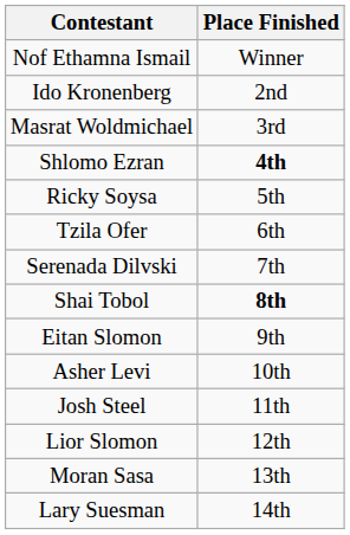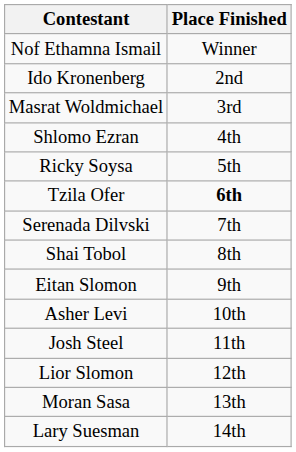 <table class="wikitable" style="text-align:center">
 <tr>
 <th>Contestant</th>
 <th>Place Finished</th>
 </tr>
 <tr>
 <td>Nof Ethamna Ismail</td>
 <td>Winner</td>
 </tr>
 <tr>
 <td>Ido Kronenberg</td>
 <td>2nd</td>
 </tr>
 <tr>
 <td>Masrat Woldmichael</td>
 <td>3rd</td>
 </tr>
 <tr>
 <td>Shlomo Ezran</td>
-<td><strong>4th</strong></td>
+<td>4th</td>
 </tr>
 <tr>
 <td>Ricky Soysa</td>
 <td>5th</td>
 </tr>
 <tr>
 <td>Tzila Ofer</td>
-<td>6th</td>
+<td><strong>6th</strong></td>
 </tr>
 <tr>
 <td>Serenada Dilvski</td>
 <td>7th</td>
 </tr>
 <tr>
 <td>Shai Tobol</td>
-<td><strong>8th</strong></td>
+<td>8th</td>
 </tr>
 <tr>
 <td>Eitan Slomon</td>
 <td>9th</td>
 </tr>
 <tr>
 <td>Asher Levi</td>
 <td>10th</td>
 </tr>
 <tr>
 <td>Josh Steel</td>
 <td>11th</td>
 </tr>
 <tr>
 <td>Lior Slomon</td>
 <td>12th</td>
 </tr>
 <tr>
 <td>Moran Sasa</td>
 <td>13th</td>
 </tr>
 <tr>
 <td>Lary Suesman</td>
 <td>14th</td>
 </tr>
 </table>
